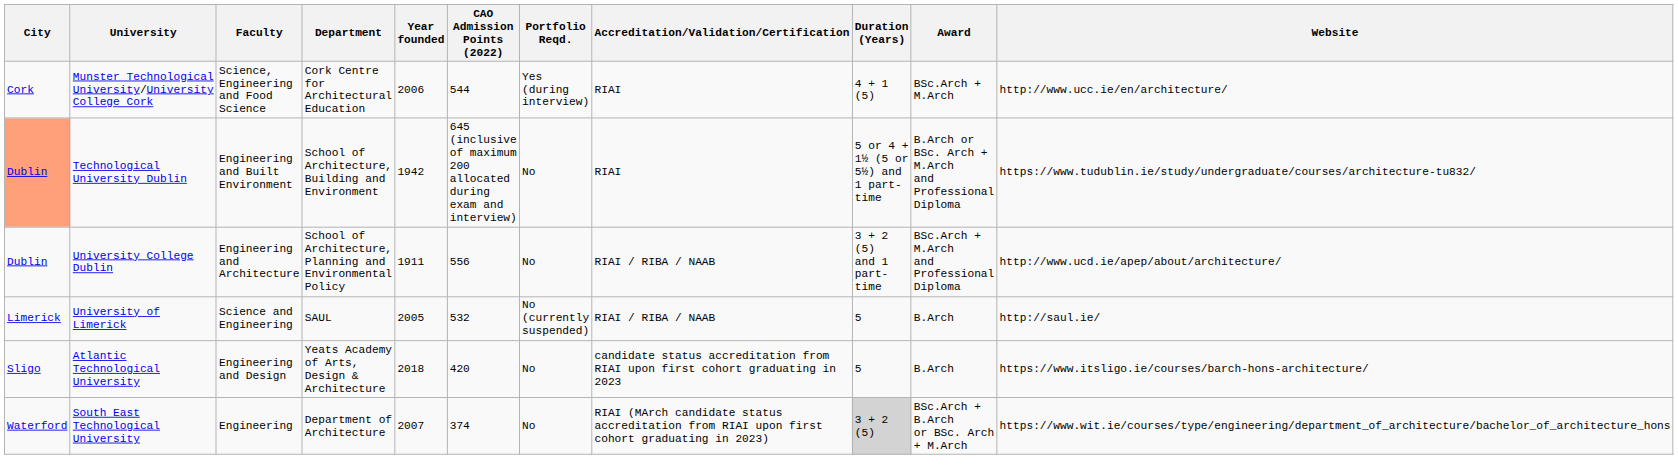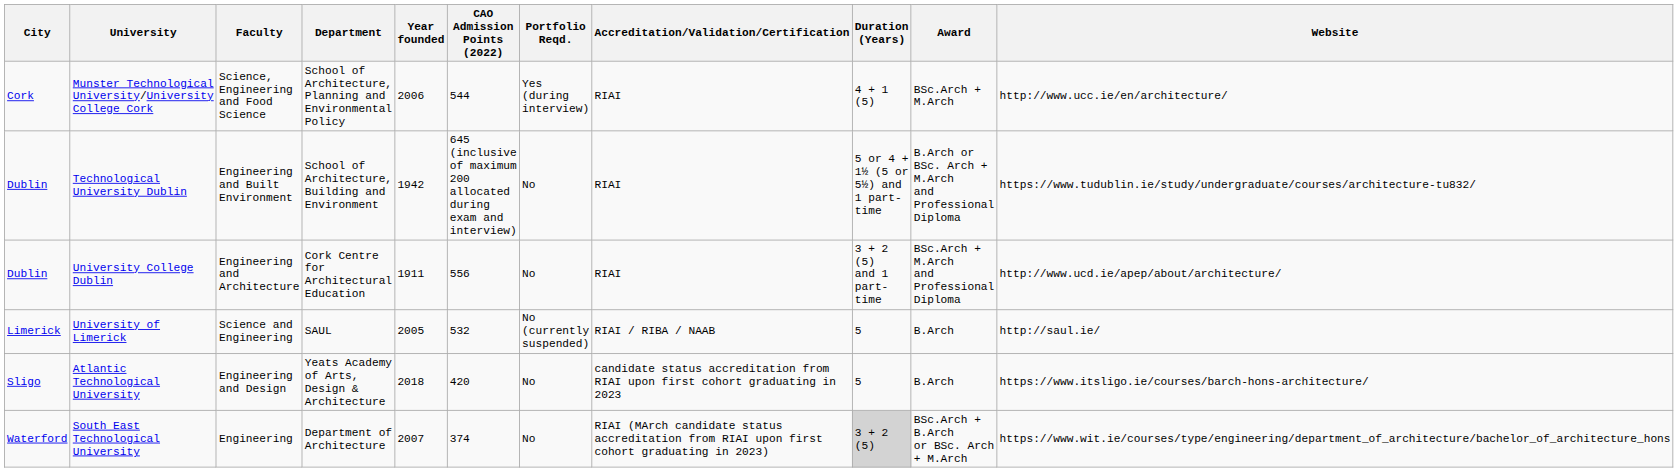 <table class="wikitable sortable">
 <tr>
 <th>City</th>
 <th>University</th>
 <th>Faculty</th>
 <th>Department</th>
 <th>Year founded</th>
 <th>CAO Admission Points (2022) </th>
 <th>Portfolio Reqd.</th>
 <th>Accreditation/Validation/Certification</th>
 <th>Duration (Years)</th>
 <th>Award</th>
 <th>Website</th>
 </tr>
 <tr>
 <td><a href='#'>Cork</a></td>
 <td><a href='#'>Munster Technological University</a>/<a href='#'>University College Cork</a></td>
 <td>Science, Engineering and Food Science</td>
-<td>Cork Centre for Architectural Education</td>
+<td>School of Architecture, Planning and Environmental Policy</td>
 <td>2006</td>
 <td>544</td>
 <td>Yes (during interview)</td>
 <td>RIAI</td>
 <td>4 + 1 (5)</td>
 <td>BSc.Arch + M.Arch</td>
 <td>http://www.ucc.ie/en/architecture/</td>
 </tr>
 <tr>
-<td style="background: lightsalmon;"><a href='#'>Dublin</a></td>
+<td><a href='#'>Dublin</a></td>
 <td><a href='#'>Technological University Dublin</a></td>
 <td>Engineering and Built Environment</td>
 <td>School of Architecture, Building and Environment</td>
 <td>1942</td>
 <td>645<br>(inclusive of maximum 200 allocated during exam and interview)</td>
 <td>No</td>
 <td>RIAI</td>
 <td>5 or 4 + 1½ (5 or 5½) and 1 part-time</td>
 <td>B.Arch or BSc. Arch + M.Arch<br>and Professional Diploma</td>
 <td>https://www.tudublin.ie/study/undergraduate/courses/architecture-tu832/</td>
 </tr>
 <tr>
 <td><a href='#'>Dublin</a></td>
 <td><a href='#'>University College Dublin</a></td>
 <td>Engineering and Architecture</td>
-<td>School of Architecture, Planning and Environmental Policy</td>
+<td>Cork Centre for Architectural Education</td>
 <td>1911</td>
 <td>556</td>
 <td>No</td>
-<td>RIAI / RIBA / NAAB</td>
+<td>RIAI</td>
 <td>3 + 2 (5)<br>and  1 part-time</td>
 <td>BSc.Arch + M.Arch<br>and  Professional Diploma</td>
 <td>http://www.ucd.ie/apep/about/architecture/</td>
 </tr>
 <tr>
 <td><a href='#'>Limerick</a></td>
 <td><a href='#'>University of Limerick</a></td>
 <td>Science and Engineering</td>
 <td>SAUL</td>
 <td>2005</td>
 <td>532</td>
 <td>No (currently suspended)</td>
 <td>RIAI / RIBA / NAAB</td>
 <td>5</td>
 <td>B.Arch</td>
 <td>http://saul.ie/</td>
 </tr>
 <tr>
 <td><a href='#'>Sligo</a></td>
 <td><a href='#'>Atlantic Technological University</a></td>
 <td>Engineering and Design</td>
 <td>Yeats Academy of Arts, Design & Architecture</td>
 <td>2018</td>
 <td>420</td>
 <td>No</td>
 <td>candidate status accreditation from RIAI upon first cohort graduating in 2023</td>
 <td>5</td>
 <td>B.Arch</td>
 <td>https://www.itsligo.ie/courses/barch-hons-architecture/</td>
 </tr>
 <tr>
 <td><a href='#'>Waterford</a></td>
 <td><a href='#'>South East Technological University</a></td>
 <td>Engineering</td>
 <td>Department of Architecture</td>
 <td>2007</td>
 <td>374</td>
 <td>No</td>
 <td>RIAI (MArch candidate status accreditation from RIAI upon first cohort graduating in 2023)</td>
 <td style="background: lightgrey;">3 + 2 (5)</td>
 <td>BSc.Arch + B.Arch<br>or  BSc. Arch + M.Arch</td>
 <td>https://www.wit.ie/courses/type/engineering/department_of_architecture/bachelor_of_architecture_hons</td>
 </tr>
 </table>
